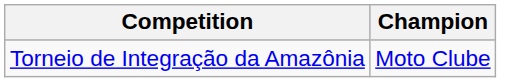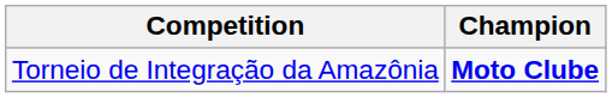 <table class="wikitable">
 <tr>
 <th>Competition</th>
 <th>Champion</th>
 </tr>
 <tr>
 <td><a href='#'>Torneio de Integração da Amazônia</a></td>
-<td><a href='#'>Moto Clube</a></td>
+<td><strong><a href='#'>Moto Clube</a></strong></td>
 </tr>
 </table>
